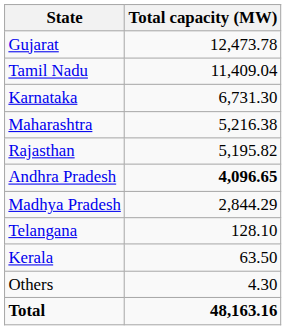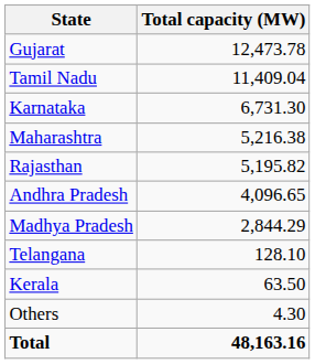 <table class="wikitable sortable">
 <tr>
 <th>State</th>
 <th>Total capacity (MW)</th>
 </tr>
 <tr>
 <td><a href='#'>Gujarat</a></td>
 <td style="text-align:right;">12,473.78</td>
 </tr>
 <tr>
 <td><a href='#'>Tamil Nadu</a></td>
 <td style="text-align:right;">11,409.04</td>
 </tr>
 <tr>
 <td><a href='#'>Karnataka</a></td>
 <td style="text-align:right;">6,731.30</td>
 </tr>
 <tr>
 <td><a href='#'>Maharashtra</a></td>
 <td style="text-align:right;">5,216.38</td>
 </tr>
 <tr>
 <td><a href='#'>Rajasthan</a></td>
 <td style="text-align:right;">5,195.82</td>
 </tr>
 <tr>
 <td><a href='#'>Andhra Pradesh</a></td>
-<td style="text-align:right;"><strong>4,096.65</strong></td>
+<td style="text-align:right;">4,096.65</td>
 </tr>
 <tr>
 <td><a href='#'>Madhya Pradesh</a></td>
 <td style="text-align:right;">2,844.29</td>
 </tr>
 <tr>
 <td><a href='#'>Telangana</a></td>
 <td style="text-align:right;">128.10</td>
 </tr>
 <tr>
 <td><a href='#'>Kerala</a></td>
 <td style="text-align:right;">63.50</td>
 </tr>
 <tr>
 <td>Others</td>
 <td style="text-align:right;">4.30</td>
 </tr>
 <tr>
 <td><strong>Total</strong></td>
 <td style="text-align:right;"><strong>48,163.16</strong></td>
 </tr>
 </table>
